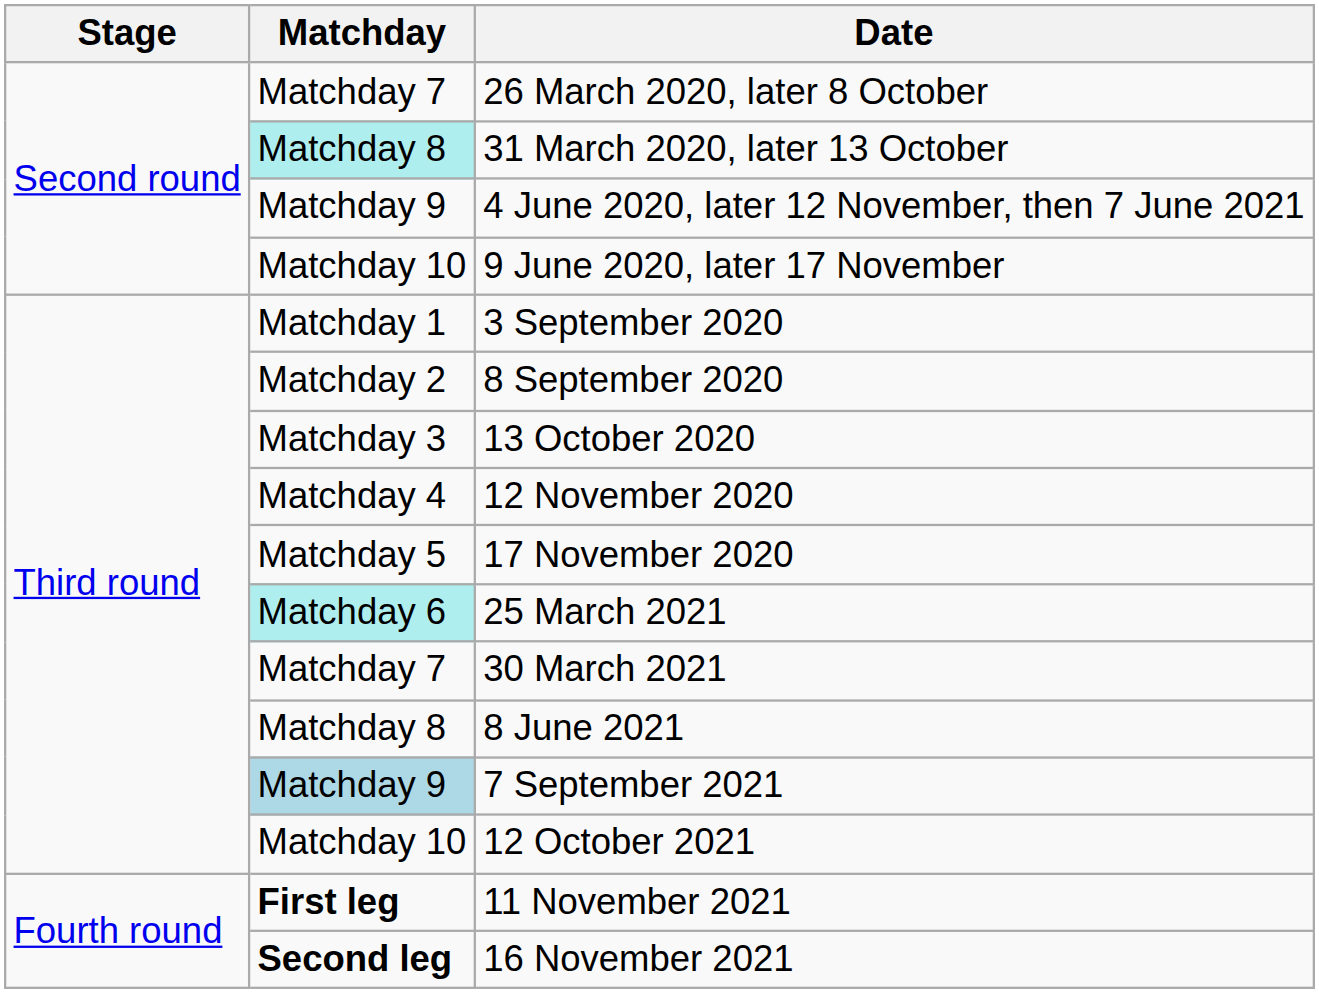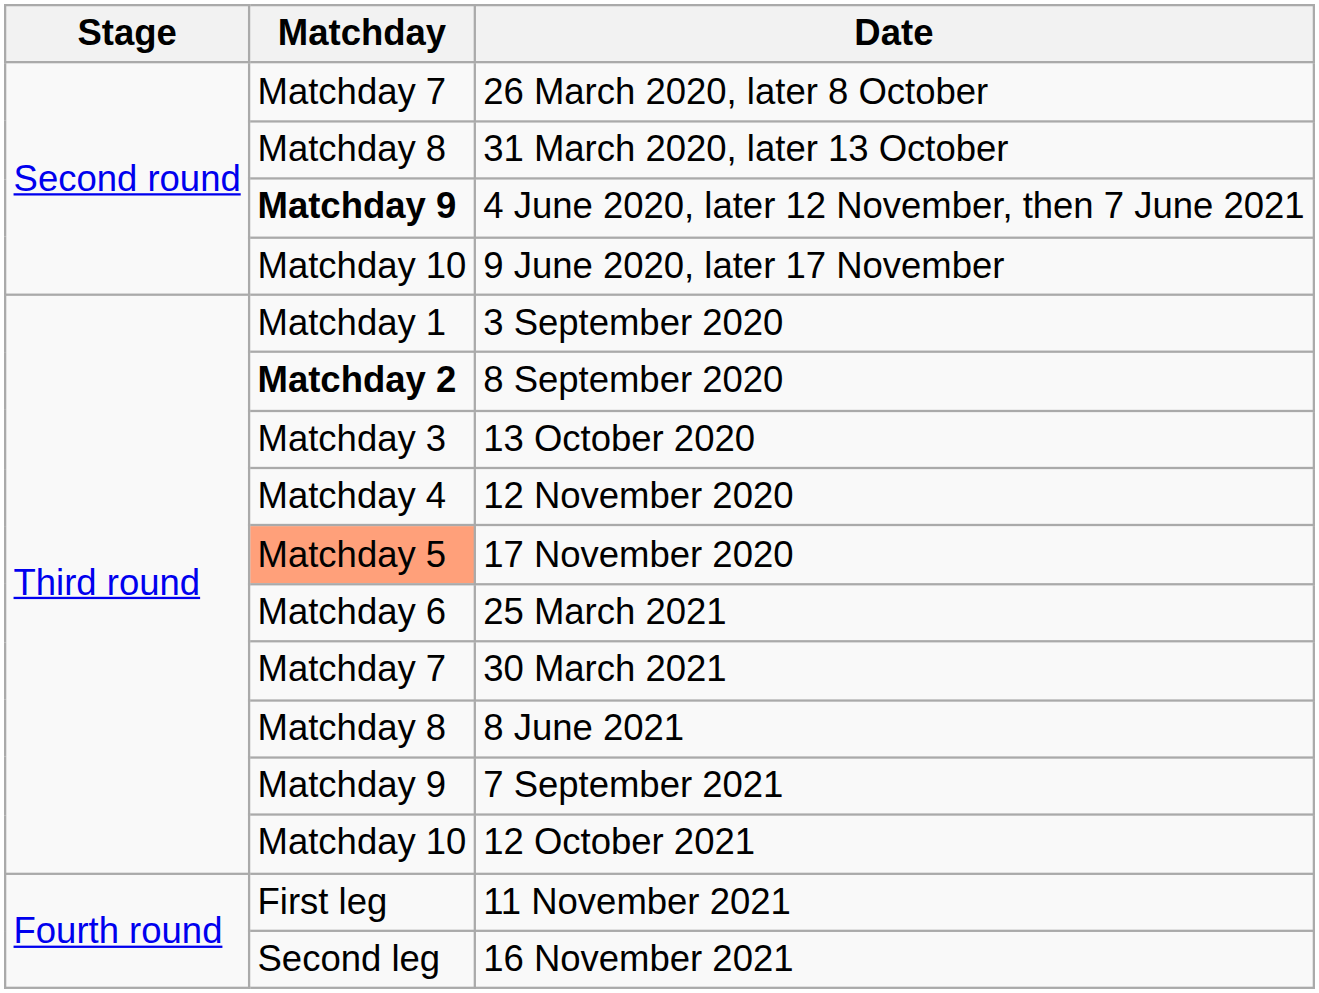 <table class="wikitable mw-collapsible mw-collapsed">
 <tr>
 <th>Stage</th>
 <th>Matchday</th>
 <th>Date</th>
 </tr>
 <tr>
 <td rowspan=4><a href='#'>Second round</a></td>
 <td>Matchday 7</td>
 <td>26 March 2020, later 8 October</td>
 </tr>
 <tr>
-<td style="background: paleturquoise;">Matchday 8</td>
+<td>Matchday 8</td>
 <td>31 March 2020, later 13 October</td>
 </tr>
 <tr>
-<td>Matchday 9</td>
+<td><strong>Matchday 9</strong></td>
 <td>4 June 2020, later 12 November, then 7 June 2021</td>
 </tr>
 <tr>
 <td>Matchday 10</td>
 <td>9 June 2020, later 17 November</td>
 </tr>
 <tr>
 <td rowspan=10><a href='#'>Third round</a></td>
 <td>Matchday 1</td>
 <td>3 September 2020</td>
 </tr>
 <tr>
-<td>Matchday 2</td>
+<td><strong>Matchday 2</strong></td>
 <td>8 September 2020</td>
 </tr>
 <tr>
 <td>Matchday 3</td>
 <td>13 October 2020</td>
 </tr>
 <tr>
 <td>Matchday 4</td>
 <td>12 November 2020</td>
 </tr>
 <tr>
-<td>Matchday 5</td>
+<td style="background: lightsalmon;">Matchday 5</td>
 <td>17 November 2020</td>
 </tr>
 <tr>
-<td style="background: paleturquoise;">Matchday 6</td>
+<td>Matchday 6</td>
 <td>25 March 2021</td>
 </tr>
 <tr>
 <td>Matchday 7</td>
 <td>30 March 2021</td>
 </tr>
 <tr>
 <td>Matchday 8</td>
 <td>8 June 2021</td>
 </tr>
 <tr>
-<td style="background: lightblue;">Matchday 9</td>
+<td>Matchday 9</td>
 <td>7 September 2021</td>
 </tr>
 <tr>
 <td>Matchday 10</td>
 <td>12 October 2021</td>
 </tr>
 <tr>
 <td rowspan=2><a href='#'>Fourth round</a></td>
-<td><strong>First leg</strong></td>
+<td>First leg</td>
 <td>11 November 2021</td>
 </tr>
 <tr>
-<td><strong>Second leg</strong></td>
+<td>Second leg</td>
 <td>16 November 2021</td>
 </tr>
 </table>
